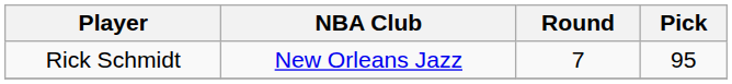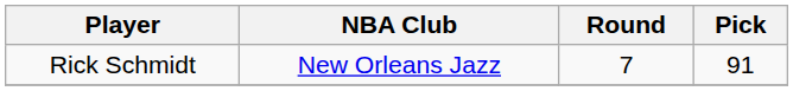 <table class="wikitable" width="500">
 <tr>
 <th>Player</th>
 <th>NBA Club</th>
 <th>Round</th>
 <th>Pick</th>
 </tr>
 <tr align="center" bgcolor="">
 <td>Rick Schmidt</td>
 <td><a href='#'>New Orleans Jazz</a></td>
 <td>7</td>
-<td>95</td>
+<td>91</td>
 </tr>
 <tr align="center" bgcolor="">
 </tr>
 </table>
